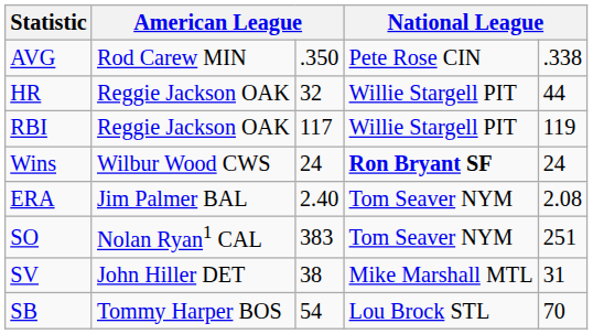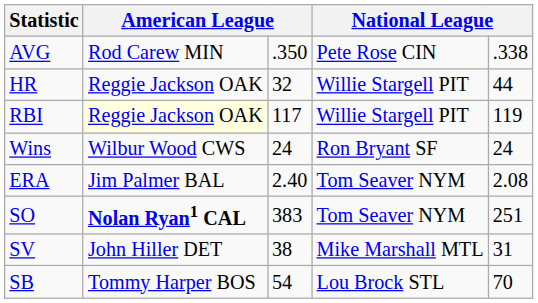 <table class="wikitable">
 <tr>
 <th>Statistic</th>
 <th colspan=2><a href='#'>American League</a></th>
 <th colspan=2><a href='#'>National League</a></th>
 </tr>
 <tr>
 <td><a href='#'>AVG</a></td>
 <td><a href='#'>Rod Carew</a> MIN</td>
 <td>.350</td>
 <td><a href='#'>Pete Rose</a> CIN</td>
 <td>.338</td>
 </tr>
 <tr>
 <td><a href='#'>HR</a></td>
 <td><a href='#'>Reggie Jackson</a> OAK</td>
 <td>32</td>
 <td><a href='#'>Willie Stargell</a> PIT</td>
 <td>44</td>
 </tr>
 <tr>
 <td><a href='#'>RBI</a></td>
-<td><a href='#'>Reggie Jackson</a> OAK</td>
+<td style="background: lightyellow;"><a href='#'>Reggie Jackson</a> OAK</td>
 <td>117</td>
 <td><a href='#'>Willie Stargell</a> PIT</td>
 <td>119</td>
 </tr>
 <tr>
 <td><a href='#'>Wins</a></td>
 <td><a href='#'>Wilbur Wood</a> CWS</td>
 <td>24</td>
-<td><strong><a href='#'>Ron Bryant</a> SF</strong></td>
+<td><a href='#'>Ron Bryant</a> SF</td>
 <td>24</td>
 </tr>
 <tr>
 <td><a href='#'>ERA</a></td>
 <td><a href='#'>Jim Palmer</a> BAL</td>
 <td>2.40</td>
 <td><a href='#'>Tom Seaver</a> NYM</td>
 <td>2.08</td>
 </tr>
 <tr>
 <td><a href='#'>SO</a></td>
-<td><a href='#'>Nolan Ryan</a><sup>1</sup> CAL</td>
+<td><strong><a href='#'>Nolan Ryan</a><sup>1</sup> CAL</strong></td>
 <td>383</td>
 <td><a href='#'>Tom Seaver</a> NYM</td>
 <td>251</td>
 </tr>
 <tr>
 <td><a href='#'>SV</a></td>
 <td><a href='#'>John Hiller</a> DET</td>
 <td>38</td>
 <td><a href='#'>Mike Marshall</a> MTL</td>
 <td>31</td>
 </tr>
 <tr>
 <td><a href='#'>SB</a></td>
 <td><a href='#'>Tommy Harper</a> BOS</td>
 <td>54</td>
 <td><a href='#'>Lou Brock</a> STL</td>
 <td>70</td>
 </tr>
 </table>
